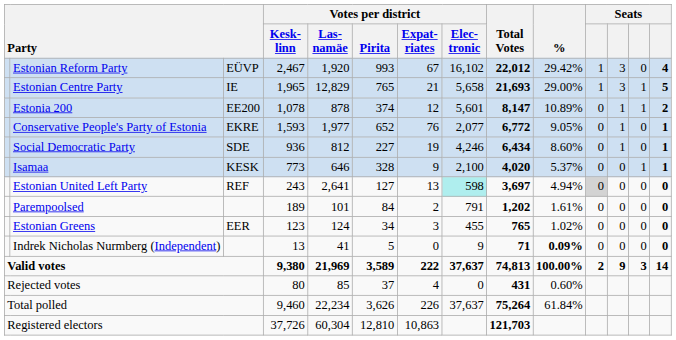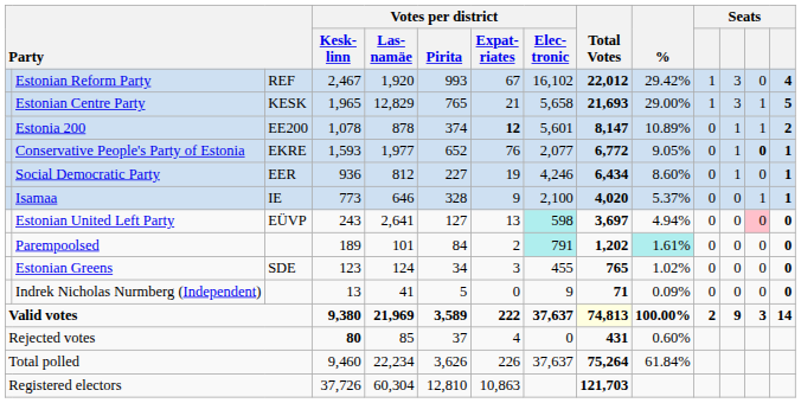 <table class="wikitable" border="1" style="text-align:right;">
 <tr>
 <th style="text-align:left;" valign=bottom rowspan=2 colspan=3>Party</th>
 <th colspan=5>Votes per district</th>
 <th align=center valign=bottom rowspan=2 width="50">Total Votes</th>
 <th align=center valign=bottom rowspan=2 width="50">%</th>
 <th colspan=4>Seats</th>
 </tr>
 <tr>
 <th align=center valign=bottom width="50"><a href='#'>Kesk- linn</a></th>
 <th align=center valign=bottom width="50"><a href='#'>Las- namäe</a></th>
 <th align=center valign=bottom width="50"><a href='#'>Pirita</a></th>
 <th align=center valign=bottom width="50"><a href='#'>Expat- riates</a></th>
 <th align=center valign=bottom width="50"><a href='#'>Elec- tronic</a></th>
 <th align=center valign=bottom width="20"><small></small></th>
 <th align=center valign=bottom width="20"><small></small></th>
 <th align=center valign=bottom width="20"><small></small></th>
 <th align=center valign=bottom width="20"><small></small></th>
 </tr>
 <tr style="background:#CEE0F2;">
 <td style="background:"></td>
 <td align=left><a href='#'>Estonian Reform Party</a></td>
-<td align=left>EÜVP</td>
+<td align=left>REF</td>
 <td>2,467</td>
 <td>1,920</td>
 <td>993</td>
 <td>67</td>
 <td>16,102</td>
 <td><strong>22,012</strong></td>
 <td>29.42%</td>
 <td>1</td>
 <td>3</td>
 <td>0</td>
 <td><strong>4</strong></td>
 </tr>
 <tr style="background:#CEE0F2;">
 <td style="background:"></td>
 <td align=left><a href='#'>Estonian Centre Party</a></td>
-<td align=left>IE</td>
+<td align=left>KESK</td>
 <td>1,965</td>
 <td>12,829</td>
 <td>765</td>
 <td>21</td>
 <td>5,658</td>
 <td><strong>21,693</strong></td>
 <td>29.00%</td>
 <td>1</td>
 <td>3</td>
 <td>1</td>
 <td><strong>5</strong></td>
 </tr>
 <tr style="background:#CEE0F2;">
 <td style="background:"></td>
 <td align=left><a href='#'>Estonia 200</a></td>
 <td>EE200</td>
 <td>1,078</td>
 <td>878</td>
 <td>374</td>
-<td>12</td>
+<td><strong>12</strong></td>
 <td>5,601</td>
 <td><strong>8,147</strong></td>
 <td>10.89%</td>
 <td>0</td>
 <td>1</td>
 <td>1</td>
 <td><strong>2</strong></td>
 </tr>
 <tr style="background:#CEE0F2;">
 <td style="background:"></td>
 <td align=left><a href='#'>Conservative People's Party of Estonia</a></td>
 <td align=left>EKRE</td>
 <td>1,593</td>
 <td>1,977</td>
 <td>652</td>
 <td>76</td>
 <td>2,077</td>
 <td><strong>6,772</strong></td>
 <td>9.05%</td>
 <td>0</td>
 <td>1</td>
-<td>0</td>
+<td><strong>0</strong></td>
 <td><strong>1</strong></td>
 </tr>
 <tr style="background:#CEE0F2;">
 <td style="background:"></td>
 <td align=left><a href='#'>Social Democratic Party</a></td>
-<td align=left>SDE</td>
+<td align=left>EER</td>
 <td>936</td>
 <td>812</td>
 <td>227</td>
 <td>19</td>
 <td>4,246</td>
 <td><strong>6,434</strong></td>
 <td>8.60%</td>
 <td>0</td>
 <td>1</td>
 <td>0</td>
 <td><strong>1</strong></td>
 </tr>
 <tr style="background:#CEE0F2;">
 <td style="background:"></td>
 <td align=left><a href='#'>Isamaa</a></td>
-<td align=left>KESK</td>
+<td align=left>IE</td>
 <td>773</td>
 <td>646</td>
 <td>328</td>
 <td>9</td>
 <td>2,100</td>
 <td><strong>4,020</strong></td>
 <td>5.37%</td>
 <td>0</td>
 <td>0</td>
 <td>1</td>
 <td><strong>1</strong></td>
 </tr>
 <tr>
 <td style="background:"></td>
 <td align=left><a href='#'>Estonian United Left Party</a></td>
-<td align=left>REF</td>
+<td align=left>EÜVP</td>
 <td>243</td>
 <td>2,641</td>
 <td>127</td>
 <td>13</td>
 <td style="background: paleturquoise;">598</td>
 <td><strong>3,697</strong></td>
 <td>4.94%</td>
-<td style="background: lightgrey;">0</td>
 <td>0</td>
 <td>0</td>
+<td style="background: pink;">0</td>
 <td><strong>0</strong></td>
 </tr>
 <tr>
 <td style="background:"></td>
 <td align=left><a href='#'>Parempoolsed</a></td>
 <td align=left></td>
 <td>189</td>
 <td>101</td>
 <td>84</td>
 <td>2</td>
-<td>791</td>
+<td style="background: paleturquoise;">791</td>
 <td><strong>1,202</strong></td>
-<td>1.61%</td>
+<td style="background: paleturquoise;">1.61%</td>
 <td>0</td>
 <td>0</td>
 <td>0</td>
 <td><strong>0</strong></td>
 </tr>
 <tr>
 <td style="background:"></td>
 <td align=left><a href='#'>Estonian Greens</a></td>
-<td align=left>EER</td>
+<td align=left>SDE</td>
 <td>123</td>
 <td>124</td>
 <td>34</td>
 <td>3</td>
 <td>455</td>
 <td><strong>765</strong></td>
 <td>1.02%</td>
 <td>0</td>
 <td>0</td>
 <td>0</td>
 <td><strong>0</strong></td>
 </tr>
 <tr>
 <td style="background:"></td>
 <td align=left>Indrek Nicholas Nurmberg (<a href='#'>Independent</a>)</td>
 <td></td>
 <td>13</td>
 <td>41</td>
 <td>5</td>
 <td>0</td>
 <td>9</td>
 <td><strong>71</strong></td>
-<td><strong>0.09%</strong></td>
+<td>0.09%</td>
 <td>0</td>
 <td>0</td>
 <td>0</td>
 <td><strong>0</strong></td>
 </tr>
 <tr style="font-weight:bold">
 <td align=left colspan=3>Valid votes</td>
 <td>9,380</td>
 <td>21,969</td>
 <td>3,589</td>
 <td>222</td>
 <td>37,637</td>
-<td>74,813</td>
+<td style="background: lightyellow;">74,813</td>
 <td>100.00%</td>
 <td>2</td>
 <td>9</td>
 <td>3</td>
 <td>14</td>
 </tr>
 <tr>
 <td align=left colspan=3>Rejected votes</td>
-<td>80</td>
+<td><strong>80</strong></td>
 <td>85</td>
 <td>37</td>
 <td>4</td>
 <td>0</td>
 <td><strong>431</strong></td>
 <td>0.60%</td>
 <td></td>
 <td></td>
 <td></td>
 <td></td>
 </tr>
 <tr>
 <td align=left colspan=3>Total polled</td>
 <td>9,460</td>
 <td>22,234</td>
 <td>3,626</td>
 <td>226</td>
 <td>37,637</td>
 <td><strong>75,264</strong></td>
 <td>61.84%</td>
 <td></td>
 <td></td>
 <td></td>
 <td></td>
 </tr>
 <tr>
 <td align=left colspan=3>Registered electors</td>
 <td>37,726</td>
 <td>60,304</td>
 <td>12,810</td>
 <td>10,863</td>
 <td></td>
 <td><strong>121,703</strong></td>
 <td></td>
 <td></td>
 <td></td>
 <td></td>
 <td></td>
 </tr>
 </table>
